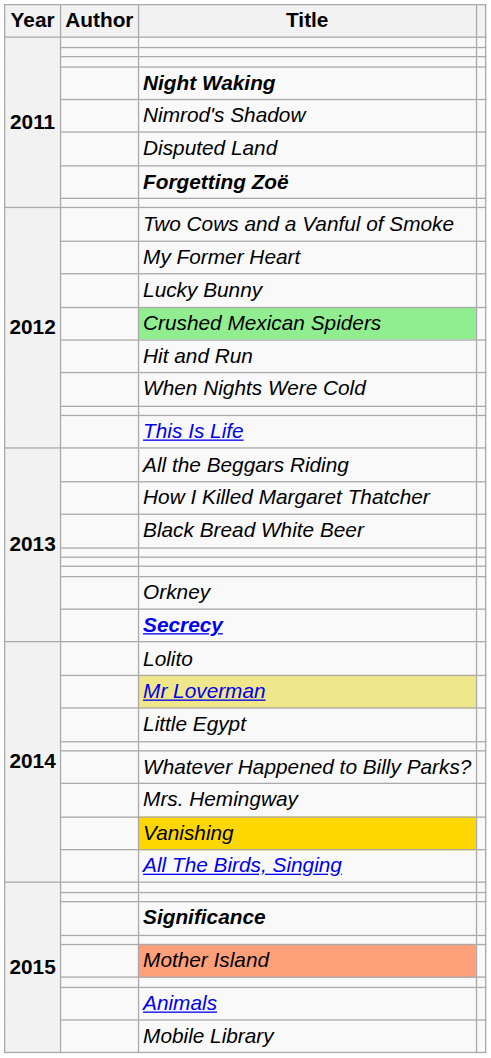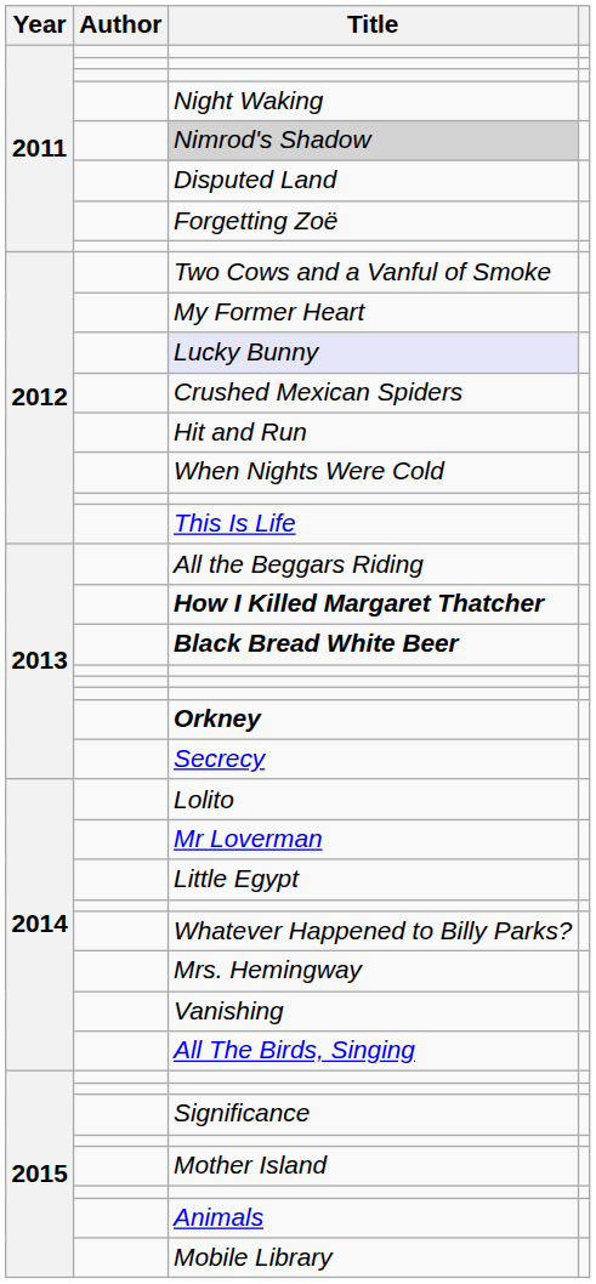 <table class="wikitable sortable mw-collapsible">
 <tr>
 <th>Year</th>
 <th>Author</th>
 <th>Title</th>
 <th></th>
 </tr>
 <tr>
 <th rowspan="8">2011</th>
 <td></td>
 <td><em></em></td>
 <td></td>
 </tr>
 <tr>
 <td></td>
 <td><em></em></td>
 <td></td>
 </tr>
 <tr>
 <td></td>
 <td><em></em></td>
 <td></td>
 </tr>
 <tr>
 <td></td>
-<td><strong><em>Night Waking</em></strong></td>
+<td><em>Night Waking</em></td>
 <td></td>
 </tr>
 <tr>
 <td></td>
-<td><em>Nimrod's Shadow</em></td>
+<td style="background: lightgrey;"><em>Nimrod's Shadow</em></td>
 <td></td>
 </tr>
 <tr>
 <td></td>
 <td><em>Disputed Land</em></td>
 <td></td>
 </tr>
 <tr>
 <td></td>
-<td><strong><em>Forgetting Zoë</em></strong></td>
+<td><em>Forgetting Zoë</em></td>
 <td></td>
 </tr>
 <tr>
 <td></td>
 <td><em></em></td>
 <td></td>
 </tr>
 <tr>
 <th rowspan="8">2012</th>
 <td></td>
 <td><em>Two Cows and a Vanful of Smoke</em></td>
 <td></td>
 </tr>
 <tr>
 <td></td>
 <td><em>My Former Heart</em></td>
 <td></td>
 </tr>
 <tr>
 <td></td>
-<td><em>Lucky Bunny</em></td>
+<td style="background: lavender;"><em>Lucky Bunny</em></td>
 <td></td>
 </tr>
 <tr>
 <td></td>
-<td style="background: lightgreen;"><em>Crushed Mexican Spiders</em></td>
+<td><em>Crushed Mexican Spiders</em></td>
 <td></td>
 </tr>
 <tr>
 <td></td>
 <td><em>Hit and Run</em></td>
 <td></td>
 </tr>
 <tr>
 <td></td>
 <td><em>When Nights Were Cold</em></td>
 <td></td>
 </tr>
 <tr>
 <td></td>
 <td><em></em></td>
 <td></td>
 </tr>
 <tr>
 <td></td>
 <td><em><a href='#'>This Is Life</a></em></td>
 <td></td>
 </tr>
 <tr>
 <th rowspan="8">2013</th>
 <td></td>
 <td><em>All the Beggars Riding</em></td>
 <td></td>
 </tr>
 <tr>
 <td></td>
-<td><em>How I Killed Margaret Thatcher</em></td>
+<td><strong><em>How I Killed Margaret Thatcher</em></strong></td>
 <td></td>
 </tr>
 <tr>
 <td></td>
-<td><em>Black Bread White Beer</em></td>
+<td><strong><em>Black Bread White Beer</em></strong></td>
 <td></td>
 </tr>
 <tr>
 <td></td>
 <td><em></em></td>
 <td></td>
 </tr>
 <tr>
 <td></td>
 <td><em></em></td>
 <td></td>
 </tr>
 <tr>
 <td></td>
 <td><em></em></td>
 <td></td>
 </tr>
 <tr>
 <td></td>
-<td><em>Orkney</em></td>
+<td><strong><em>Orkney</em></strong></td>
 <td></td>
 </tr>
 <tr>
 <td></td>
-<td><strong><em><a href='#'>Secrecy</a></em></strong></td>
+<td><em><a href='#'>Secrecy</a></em></td>
 <td></td>
 </tr>
 <tr>
 <th rowspan="8">2014</th>
 <td></td>
 <td><em>Lolito</em></td>
 <td></td>
 </tr>
 <tr>
 <td></td>
-<td style="background: khaki;"><em><a href='#'>Mr Loverman</a></em></td>
+<td><em><a href='#'>Mr Loverman</a></em></td>
 <td></td>
 </tr>
 <tr>
 <td></td>
 <td><em>Little Egypt</em></td>
 <td></td>
 </tr>
 <tr>
 <td></td>
 <td><em></em></td>
 <td></td>
 </tr>
 <tr>
 <td></td>
 <td><em>Whatever Happened to Billy Parks?</em></td>
 <td></td>
 </tr>
 <tr>
 <td></td>
 <td><em>Mrs. Hemingway</em></td>
 <td></td>
 </tr>
 <tr>
 <td></td>
-<td style="background: gold;"><em>Vanishing</em></td>
+<td><em>Vanishing</em></td>
 <td></td>
 </tr>
 <tr>
 <td></td>
 <td><em><a href='#'>All The Birds, Singing</a></em></td>
 <td></td>
 </tr>
 <tr>
 <th rowspan="8">2015</th>
 <td></td>
 <td><em></em></td>
 <td></td>
 </tr>
 <tr>
 <td></td>
 <td><em></em></td>
 <td></td>
 </tr>
 <tr>
 <td></td>
-<td><strong><em>Significance</em></strong></td>
+<td><em>Significance</em></td>
 <td></td>
 </tr>
 <tr>
 <td></td>
 <td><em></em></td>
 <td></td>
 </tr>
 <tr>
 <td></td>
-<td style="background: lightsalmon;"><em>Mother Island</em></td>
+<td><em>Mother Island</em></td>
 <td></td>
 </tr>
 <tr>
 <td></td>
 <td><em></em></td>
 <td></td>
 </tr>
 <tr>
 <td></td>
 <td><em><a href='#'>Animals</a></em></td>
 <td></td>
 </tr>
 <tr>
 <td></td>
 <td><em>Mobile Library</em></td>
 <td></td>
 </tr>
 </table>
